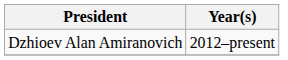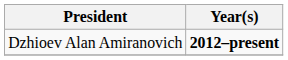 <table class="sortable wikitable">
 <tr>
 <th>President</th>
 <th>Year(s)</th>
 </tr>
 <tr>
 <td style="text-align: left;"> Dzhioev Alan Amiranovich</td>
-<td>2012–present</td>
+<td><strong>2012–present</strong></td>
 </tr>
 <tr>
 </tr>
 </table>
